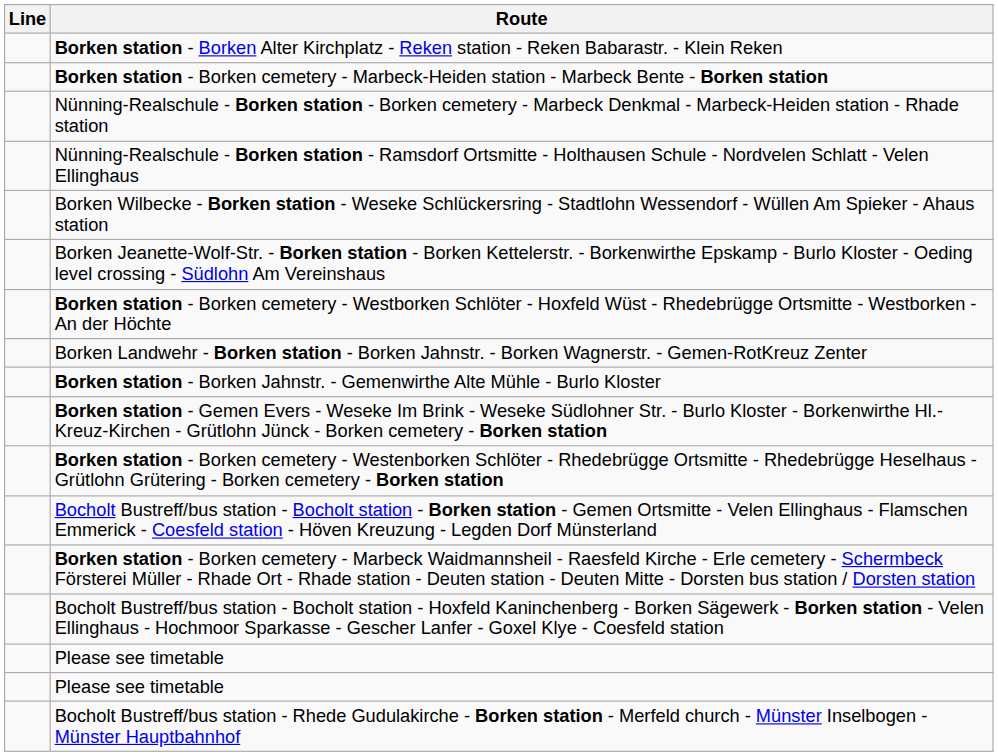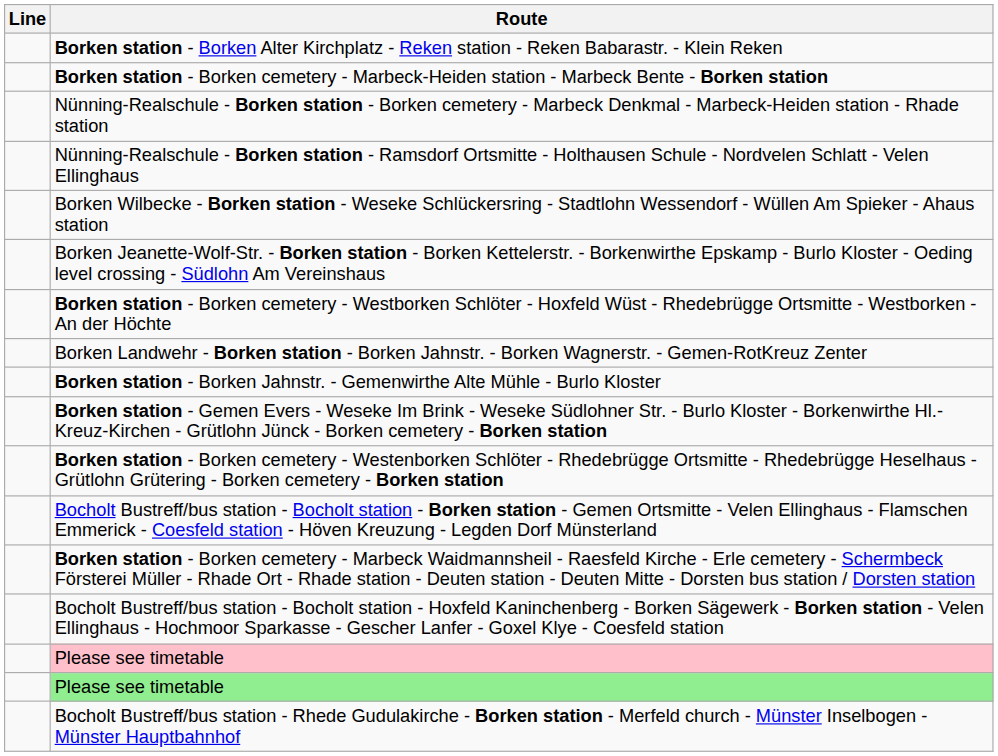 <table class="wikitable">
 <tr>
 <th>Line</th>
 <th>Route</th>
 </tr>
 <tr>
 <td></td>
 <td><strong>Borken station</strong> - <a href='#'>Borken</a> Alter Kirchplatz - <a href='#'>Reken</a> station - Reken Babarastr. - Klein Reken</td>
 </tr>
 <tr>
 <td></td>
 <td><strong>Borken station</strong> - Borken cemetery - Marbeck-Heiden station - Marbeck Bente - <strong>Borken station</strong></td>
 </tr>
 <tr>
 <td></td>
 <td>Nünning-Realschule - <strong>Borken station</strong> - Borken cemetery - Marbeck Denkmal - Marbeck-Heiden station - Rhade station</td>
 </tr>
 <tr>
 <td></td>
 <td>Nünning-Realschule - <strong>Borken station</strong> - Ramsdorf Ortsmitte - Holthausen Schule - Nordvelen Schlatt - Velen Ellinghaus</td>
 </tr>
 <tr>
 <td></td>
 <td>Borken Wilbecke - <strong>Borken station</strong> - Weseke Schlückersring - Stadtlohn Wessendorf - Wüllen Am Spieker - Ahaus station</td>
 </tr>
 <tr>
 <td></td>
 <td>Borken Jeanette-Wolf-Str. - <strong>Borken station</strong> - Borken Kettelerstr. - Borkenwirthe Epskamp - Burlo Kloster - Oeding level crossing - <a href='#'>Südlohn</a> Am Vereinshaus</td>
 </tr>
 <tr>
 <td></td>
 <td><strong>Borken station</strong> - Borken cemetery - Westborken Schlöter - Hoxfeld Wüst - Rhedebrügge Ortsmitte - Westborken - An der Höchte</td>
 </tr>
 <tr>
 <td></td>
 <td>Borken Landwehr - <strong>Borken station</strong> - Borken Jahnstr. - Borken Wagnerstr. - Gemen-RotKreuz Zenter</td>
 </tr>
 <tr>
 <td></td>
 <td><strong>Borken station</strong> - Borken Jahnstr. - Gemenwirthe Alte Mühle - Burlo Kloster</td>
 </tr>
 <tr>
 <td></td>
 <td><strong>Borken station</strong> - Gemen Evers - Weseke Im Brink - Weseke Südlohner Str. - Burlo Kloster - Borkenwirthe Hl.-Kreuz-Kirchen - Grütlohn Jünck - Borken cemetery - <strong>Borken station</strong></td>
 </tr>
 <tr>
 <td></td>
 <td><strong>Borken station</strong> - Borken cemetery - Westenborken Schlöter - Rhedebrügge Ortsmitte - Rhedebrügge Heselhaus - Grütlohn Grütering - Borken cemetery - <strong>Borken station</strong></td>
 </tr>
 <tr>
 <td></td>
 <td><a href='#'>Bocholt</a> Bustreff/bus station - <a href='#'>Bocholt station</a> - <strong>Borken station</strong> - Gemen Ortsmitte - Velen Ellinghaus - Flamschen Emmerick - <a href='#'>Coesfeld station</a> - Höven Kreuzung - Legden Dorf Münsterland</td>
 </tr>
 <tr>
 <td></td>
 <td><strong>Borken station</strong> - Borken cemetery - Marbeck Waidmannsheil - Raesfeld Kirche - Erle cemetery - <a href='#'>Schermbeck</a> Försterei Müller - Rhade Ort - Rhade station - Deuten station - Deuten Mitte - Dorsten bus station / <a href='#'>Dorsten station</a></td>
 </tr>
 <tr>
 <td></td>
 <td>Bocholt Bustreff/bus station - Bocholt station - Hoxfeld Kaninchenberg - Borken Sägewerk - <strong>Borken station</strong> - Velen Ellinghaus - Hochmoor Sparkasse - Gescher Lanfer - Goxel Klye - Coesfeld station</td>
 </tr>
 <tr>
 <td></td>
-<td>Please see timetable</td>
+<td style="background: pink;">Please see timetable</td>
 </tr>
 <tr>
 <td></td>
-<td>Please see timetable</td>
+<td style="background: lightgreen;">Please see timetable</td>
 </tr>
 <tr>
 <td></td>
 <td>Bocholt Bustreff/bus station - Rhede Gudulakirche - <strong>Borken station</strong> - Merfeld church - <a href='#'>Münster</a> Inselbogen - <a href='#'>Münster Hauptbahnhof</a></td>
 </tr>
 </table>
